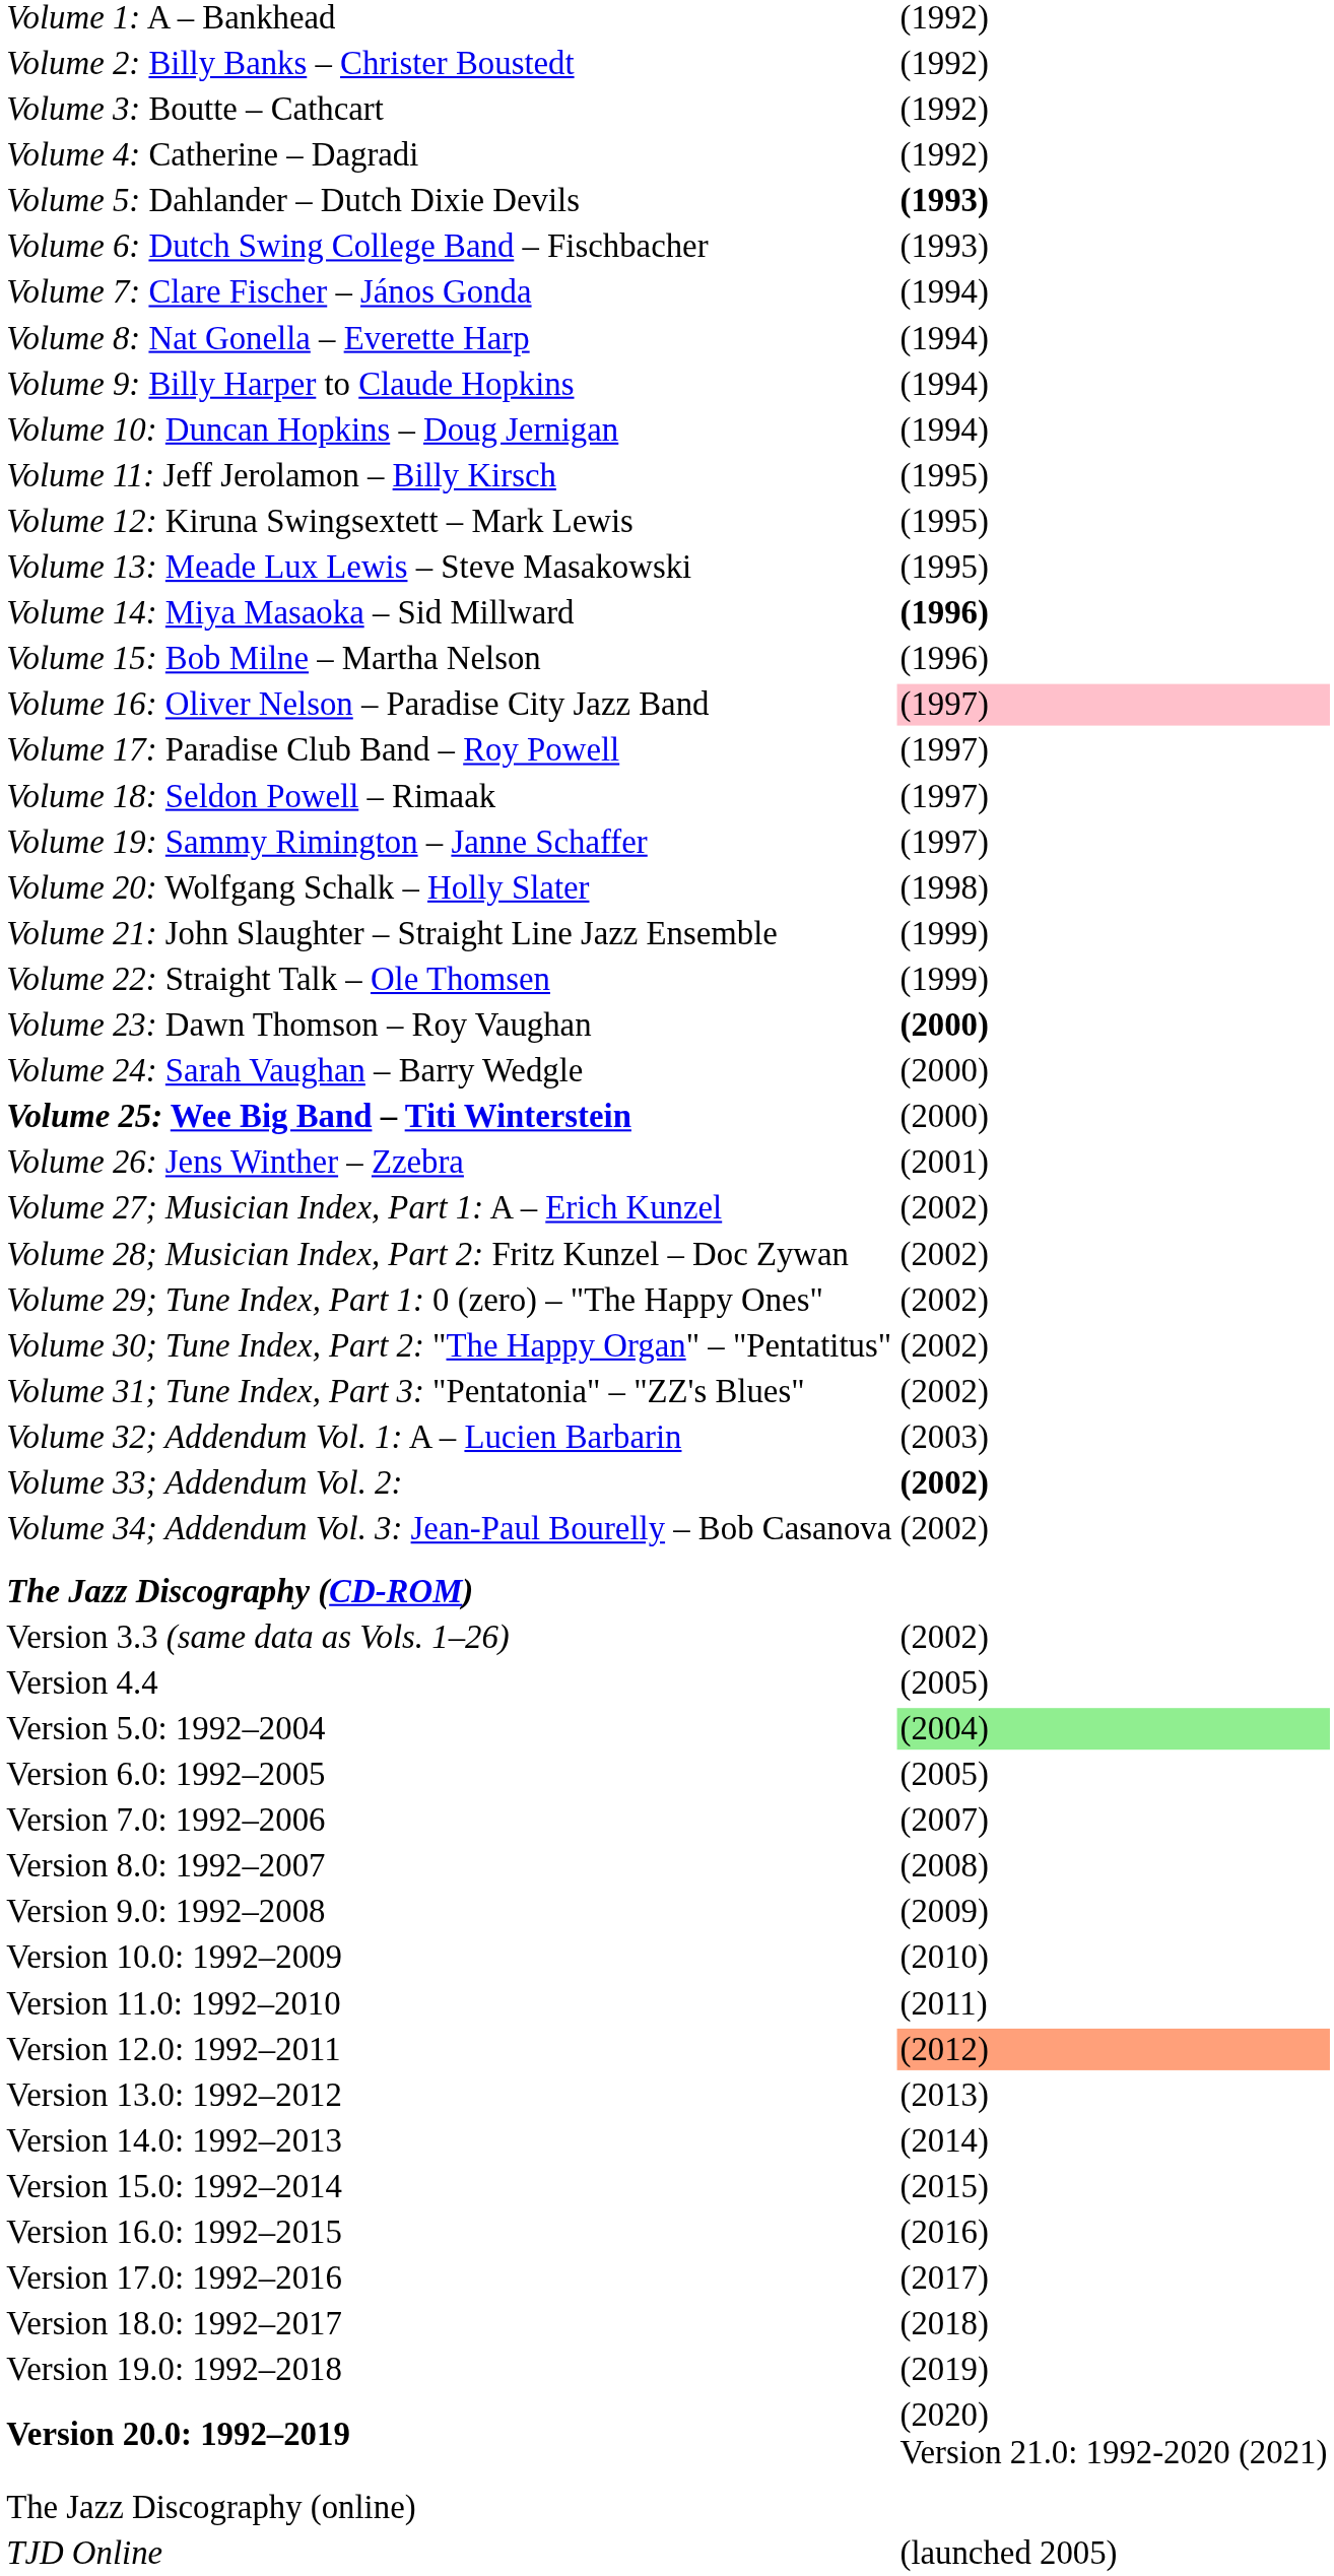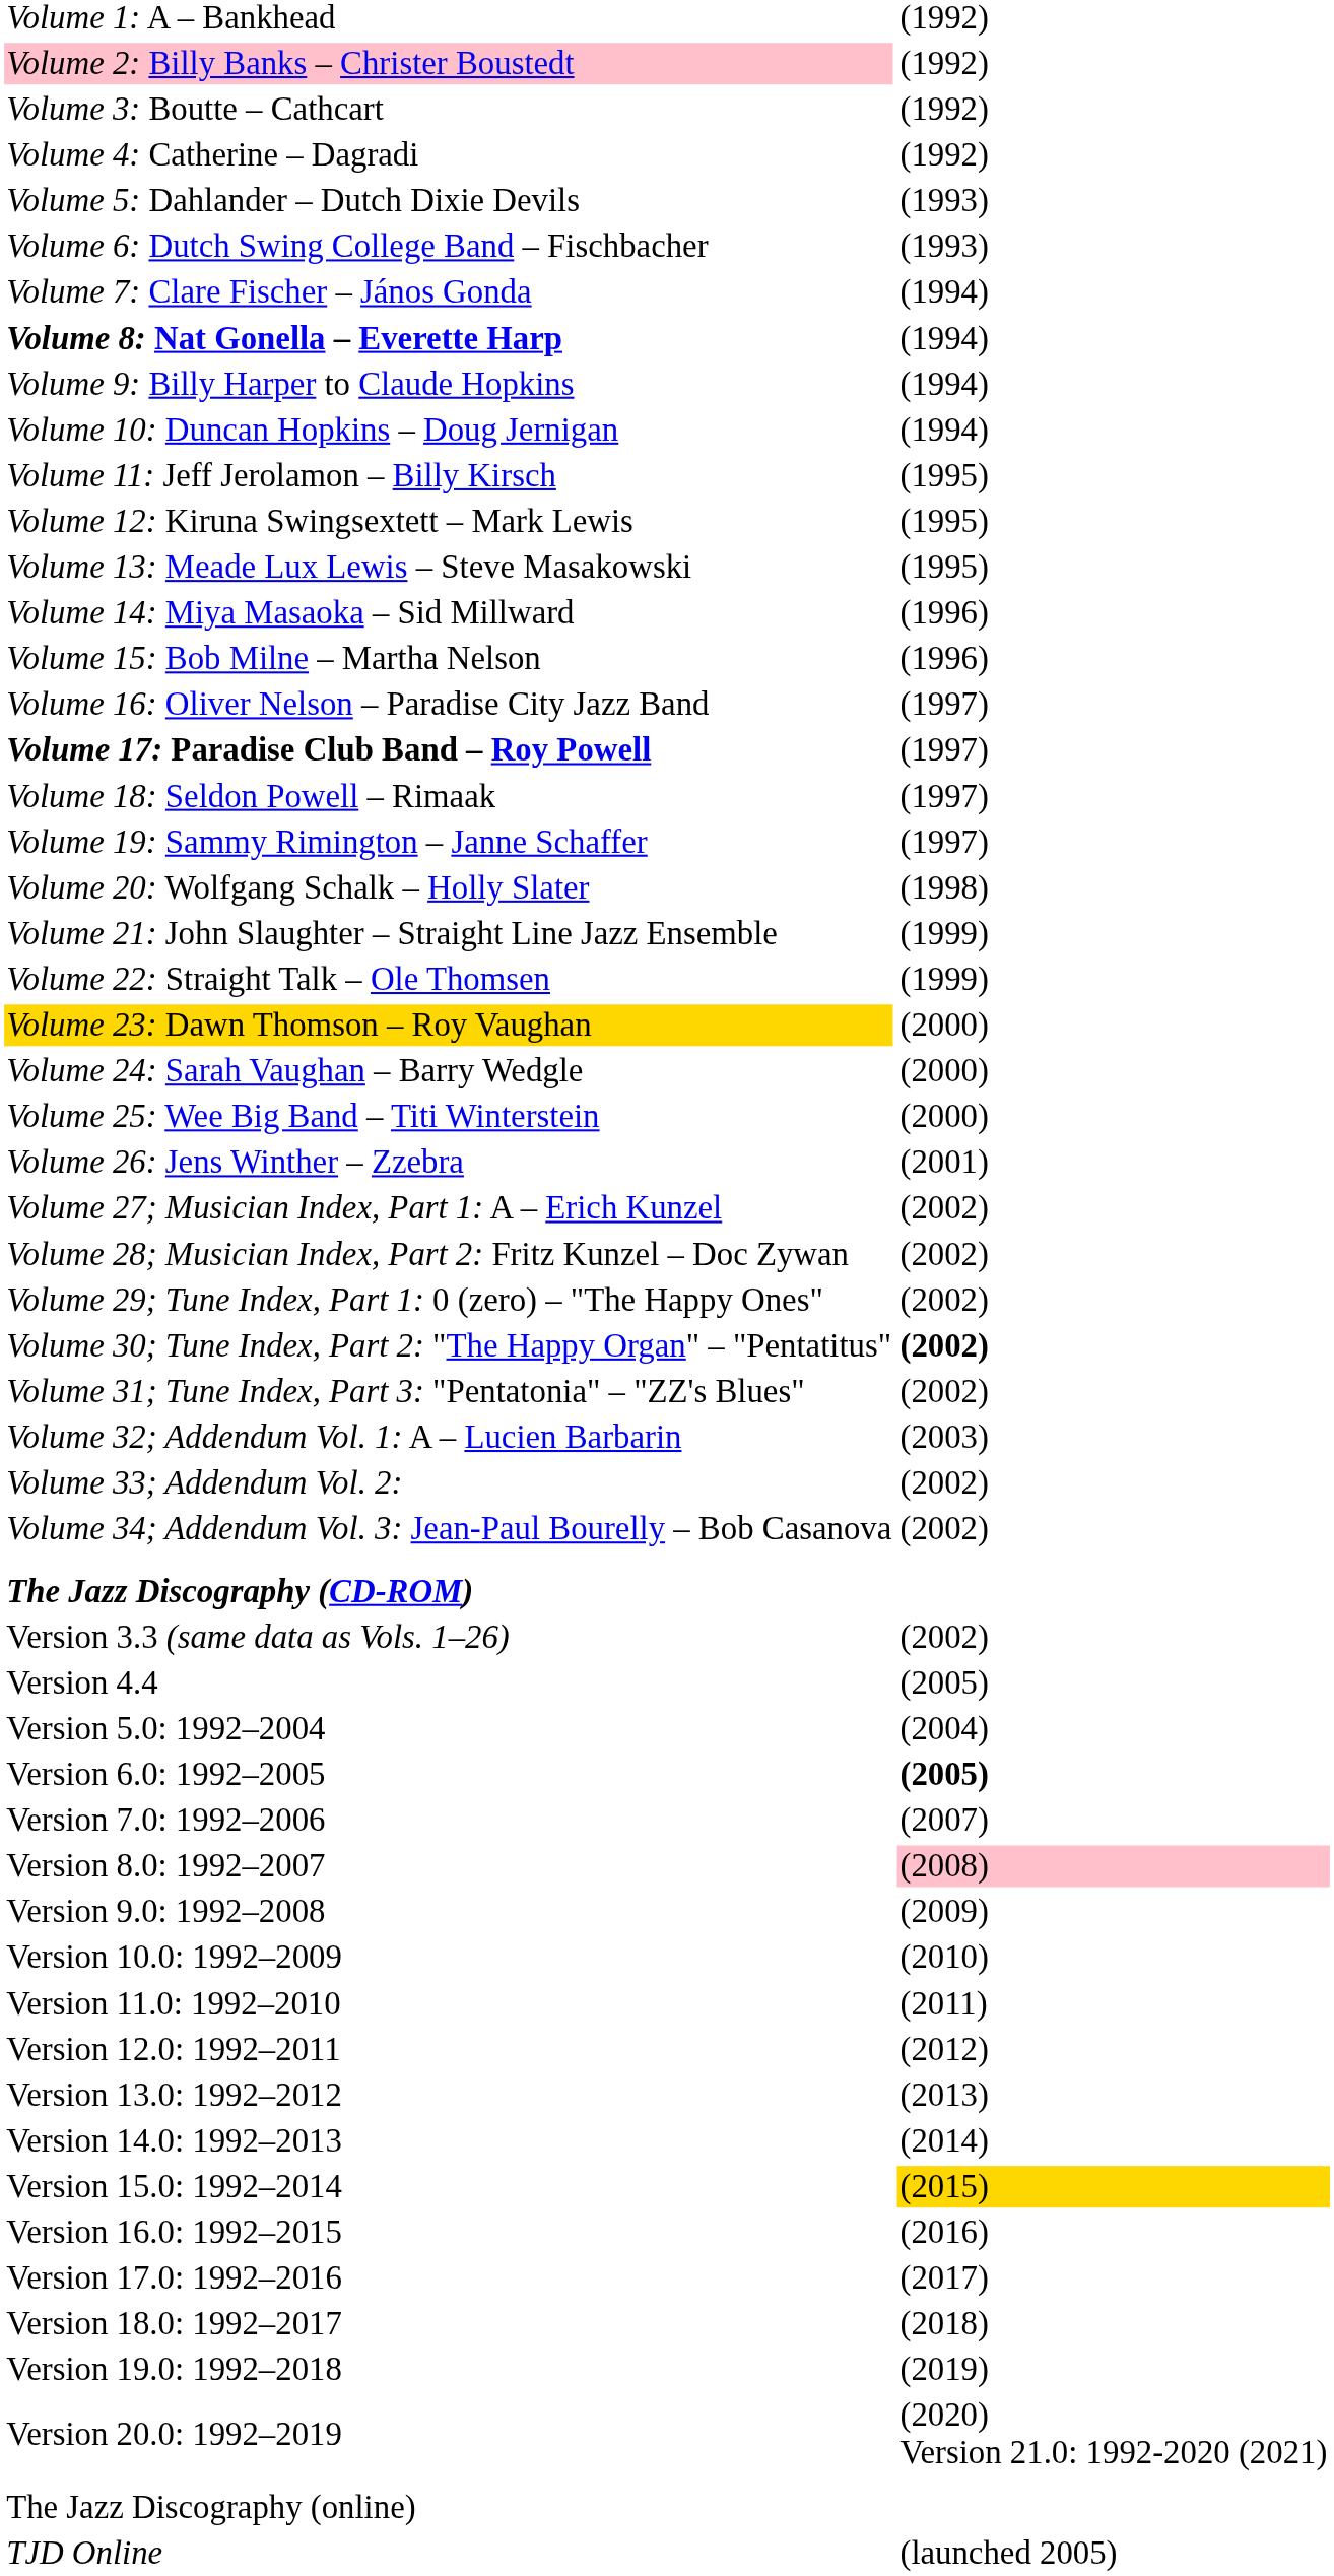 <table>
 <tr>
 <td><em>Volume 1:</em>  A – Bankhead</td>
 <td>(1992)  </td>
 </tr>
 <tr>
-<td><em>Volume 2:</em>  <a href='#'>Billy Banks</a> – <a href='#'>Christer Boustedt</a></td>
+<td style="background: pink;"><em>Volume 2:</em>  <a href='#'>Billy Banks</a> – <a href='#'>Christer Boustedt</a></td>
 <td>(1992)  </td>
 </tr>
 <tr>
 <td><em>Volume 3:</em>  Boutte – Cathcart</td>
 <td>(1992)  </td>
 </tr>
 <tr>
 <td><em>Volume 4:</em>  Catherine – Dagradi</td>
 <td>(1992)  </td>
 </tr>
 <tr>
 <td><em>Volume 5:</em>  Dahlander – Dutch Dixie Devils</td>
-<td><strong>(1993)  </strong></td>
+<td>(1993)  </td>
 </tr>
 <tr>
 <td><em>Volume 6:</em>  <a href='#'>Dutch Swing College Band</a> – Fischbacher</td>
 <td>(1993)  </td>
 </tr>
 <tr>
 <td><em>Volume 7:</em>  <a href='#'>Clare Fischer</a> – <a href='#'>János Gonda</a></td>
 <td>(1994)  </td>
 </tr>
 <tr>
-<td><em>Volume 8:</em>  <a href='#'>Nat Gonella</a> – <a href='#'>Everette Harp</a></td>
+<td><strong><em>Volume 8:</em>  <a href='#'>Nat Gonella</a> – <a href='#'>Everette Harp</a></strong></td>
 <td>(1994)  </td>
 </tr>
 <tr>
 <td><em>Volume 9:</em>  <a href='#'>Billy Harper</a> to <a href='#'>Claude Hopkins</a></td>
 <td>(1994)  </td>
 </tr>
 <tr>
 <td><em>Volume 10:</em> <a href='#'>Duncan Hopkins</a> – <a href='#'>Doug Jernigan</a></td>
 <td>(1994)  </td>
 </tr>
 <tr>
 <td><em>Volume 11:</em> Jeff Jerolamon – <a href='#'>Billy Kirsch</a></td>
 <td>(1995)  </td>
 </tr>
 <tr>
 <td><em>Volume 12:</em> Kiruna Swingsextett – Mark Lewis</td>
 <td>(1995)  </td>
 </tr>
 <tr>
 <td><em>Volume 13:</em> <a href='#'>Meade Lux Lewis</a> – Steve Masakowski</td>
 <td>(1995)  </td>
 </tr>
 <tr>
 <td><em>Volume 14:</em> <a href='#'>Miya Masaoka</a> – Sid Millward</td>
-<td><strong>(1996)  </strong></td>
+<td>(1996)  </td>
 </tr>
 <tr>
 <td><em>Volume 15:</em> <a href='#'>Bob Milne</a> – Martha Nelson</td>
 <td>(1996)  </td>
 </tr>
 <tr>
 <td><em>Volume 16:</em> <a href='#'>Oliver Nelson</a> – Paradise City Jazz Band</td>
-<td style="background: pink;">(1997)  </td>
+<td>(1997)  </td>
 </tr>
 <tr>
-<td><em>Volume 17:</em> Paradise Club Band – <a href='#'>Roy Powell</a></td>
+<td><strong><em>Volume 17:</em> Paradise Club Band – <a href='#'>Roy Powell</a></strong></td>
 <td>(1997)  </td>
 </tr>
 <tr>
 <td><em>Volume 18:</em> <a href='#'>Seldon Powell</a> – Rimaak</td>
 <td>(1997)  </td>
 </tr>
 <tr>
 <td><em>Volume 19:</em> <a href='#'>Sammy Rimington</a> – <a href='#'>Janne Schaffer</a></td>
 <td>(1997)  </td>
 </tr>
 <tr>
 <td><em>Volume 20:</em> Wolfgang Schalk – <a href='#'>Holly Slater</a></td>
 <td>(1998)  </td>
 </tr>
 <tr>
 <td><em>Volume 21:</em> John Slaughter – Straight Line Jazz Ensemble</td>
 <td>(1999)  </td>
 </tr>
 <tr>
 <td><em>Volume 22:</em> Straight Talk – <a href='#'>Ole Thomsen</a></td>
 <td>(1999)  </td>
 </tr>
 <tr>
-<td><em>Volume 23:</em> Dawn Thomson – Roy Vaughan</td>
-<td><strong>(2000)  </strong></td>
+<td style="background: gold;"><em>Volume 23:</em> Dawn Thomson – Roy Vaughan</td>
+<td>(2000)  </td>
 </tr>
 <tr>
 <td><em>Volume 24:</em> <a href='#'>Sarah Vaughan</a> – Barry Wedgle</td>
 <td>(2000)  </td>
 </tr>
 <tr>
-<td><strong><em>Volume 25:</em> <a href='#'>Wee Big Band</a> – <a href='#'>Titi Winterstein</a></strong></td>
+<td><em>Volume 25:</em> <a href='#'>Wee Big Band</a> – <a href='#'>Titi Winterstein</a></td>
 <td>(2000)  </td>
 </tr>
 <tr>
 <td><em>Volume 26:</em> <a href='#'>Jens Winther</a> – <a href='#'>Zzebra</a></td>
 <td>(2001)  </td>
 </tr>
 <tr>
 <td><em>Volume 27; Musician Index, Part 1:</em> A – <a href='#'>Erich Kunzel</a></td>
 <td>(2002)  </td>
 </tr>
 <tr>
 <td><em>Volume 28; Musician Index, Part 2:</em> Fritz Kunzel – Doc Zywan</td>
 <td>(2002)  </td>
 </tr>
 <tr>
 <td><em>Volume 29; Tune Index, Part 1:</em> 0 (zero) – "The Happy Ones"</td>
 <td>(2002)  </td>
 </tr>
 <tr>
 <td><em>Volume 30; Tune Index, Part 2:</em> "<a href='#'>The Happy Organ</a>" – "Pentatitus"</td>
-<td>(2002)  </td>
+<td><strong>(2002)  </strong></td>
 </tr>
 <tr>
 <td><em>Volume 31; Tune Index, Part 3:</em> "Pentatonia" – "ZZ's Blues"</td>
 <td>(2002)  </td>
 </tr>
 <tr>
 <td><em>Volume 32; Addendum Vol. 1:</em> A – <a href='#'>Lucien Barbarin</a></td>
 <td>(2003)  </td>
 </tr>
 <tr>
 <td><em>Volume 33; Addendum Vol. 2:</em></td>
-<td><strong>(2002)  </strong></td>
+<td>(2002)  </td>
 </tr>
 <tr>
 <td><em>Volume 34; Addendum Vol. 3:</em> <a href='#'>Jean-Paul Bourelly</a> – Bob Casanova</td>
 <td>(2002)  </td>
 </tr>
 <tr>
 <td></td>
 </tr>
 <tr>
 <td></td>
 </tr>
 <tr>
 <td><strong><em>The Jazz Discography<em> (<a href='#'>CD-ROM</a>)<strong></td>
 </tr>
 <tr>
 <td></em>Version 3.3<em> (same data as Vols. 1–26)</td>
 <td>(2002) </td>
 </tr>
 <tr>
 <td></em>Version 4.4<em></td>
 <td>(2005)</td>
 </tr>
 <tr>
 <td></em>Version 5.0: 1992–2004<em></td>
-<td style="background: lightgreen;">(2004) </td>
+<td>(2004) </td>
 </tr>
 <tr>
 <td></em>Version 6.0: 1992–2005<em></td>
-<td>(2005) </td>
+<td><strong>(2005) </strong></td>
 </tr>
 <tr>
 <td></em>Version 7.0: 1992–2006<em></td>
 <td>(2007)</td>
 </tr>
 <tr>
 <td></em>Version 8.0: 1992–2007<em></td>
-<td>(2008)</td>
+<td style="background: pink;">(2008)</td>
 </tr>
 <tr>
 <td></em>Version 9.0: 1992–2008<em></td>
 <td>(2009)</td>
 </tr>
 <tr>
 <td></em>Version 10.0: 1992–2009<em></td>
 <td>(2010)</td>
 </tr>
 <tr>
 <td></em>Version 11.0: 1992–2010<em></td>
 <td>(2011)</td>
 </tr>
 <tr>
 <td></em>Version 12.0: 1992–2011<em></td>
-<td style="background: lightsalmon;">(2012)</td>
+<td>(2012)</td>
 </tr>
 <tr>
 <td></em>Version 13.0: 1992–2012<em></td>
 <td>(2013)</td>
 </tr>
 <tr>
 <td></em>Version 14.0: 1992–2013<em></td>
 <td>(2014)</td>
 </tr>
 <tr>
 <td></em>Version 15.0: 1992–2014<em></td>
-<td>(2015)</td>
+<td style="background: gold;">(2015)</td>
 </tr>
 <tr>
 <td></em>Version 16.0: 1992–2015<em></td>
 <td>(2016)</td>
 </tr>
 <tr>
 <td></em>Version 17.0: 1992–2016<em></td>
 <td>(2017)</td>
 </tr>
 <tr>
 <td></em>Version 18.0: 1992–2017<em></td>
 <td>(2018)</td>
 </tr>
 <tr>
 <td></em>Version 19.0: 1992–2018<em></td>
 <td>(2019)</td>
 </tr>
 <tr>
-<td><strong></em>Version 20.0: 1992–2019<em></strong></td>
+<td></em>Version 20.0: 1992–2019<em></td>
 <td>(2020)<br>Version 21.0: 1992-2020 (2021)</td>
 </tr>
 <tr>
 <td></td>
 </tr>
 <tr>
 <td></em></strong>The Jazz Discography</em> (online)</strong></td>
 </tr>
 <tr>
 <td><em>TJD Online</em></td>
 <td>(launched 2005) </td>
 </tr>
 </table>
